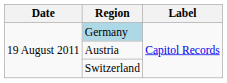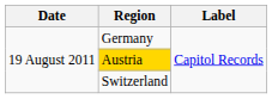 <table class="wikitable plainrowheaders">
 <tr>
 <th scope="col">Date</th>
 <th scope="col">Region</th>
 <th scope="col">Label</th>
 </tr>
 <tr>
 <td rowspan="3">19 August 2011</td>
-<td style="background: lightblue;">Germany</td>
+<td>Germany</td>
 <td rowspan="3"><a href='#'>Capitol Records</a></td>
 </tr>
 <tr>
-<td>Austria</td>
+<td style="background: gold;">Austria</td>
 </tr>
 <tr>
 <td>Switzerland</td>
 </tr>
 </table>
